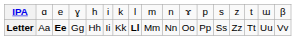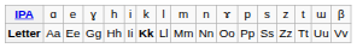 <table class="wikitable" style="text-align: center;">
 <tr>
 <th><a href='#'>IPA</a></th>
 <td>ɑ</td>
 <td>e</td>
 <td>ɣ</td>
 <td>h</td>
 <td>i</td>
 <td>k</td>
 <td>l</td>
 <td>m</td>
 <td>n</td>
 <td>ɤ</td>
 <td>p</td>
 <td>s</td>
 <td>z</td>
 <td>t</td>
 <td>ɯ</td>
 <td>β</td>
 </tr>
 <tr>
 <th>Letter</th>
 <td>Aa</td>
-<td><strong>Ee</strong></td>
+<td>Ee</td>
 <td>Gg</td>
 <td>Hh</td>
 <td>Ii</td>
-<td>Kk</td>
-<td><strong>Ll</strong></td>
+<td><strong>Kk</strong></td>
+<td>Ll</td>
 <td>Mm</td>
 <td>Nn</td>
 <td>Oo</td>
 <td>Pp</td>
 <td>Ss</td>
 <td>Zz</td>
 <td>Tt</td>
 <td>Uu</td>
 <td>Vv</td>
 </tr>
 </table>
